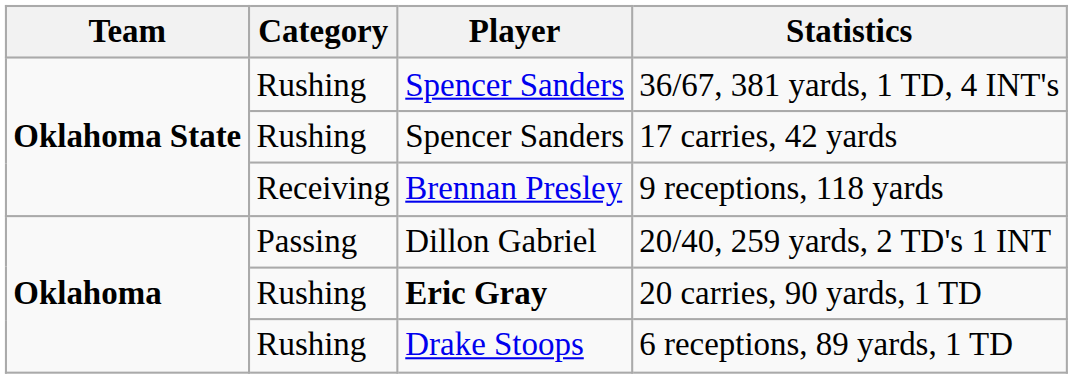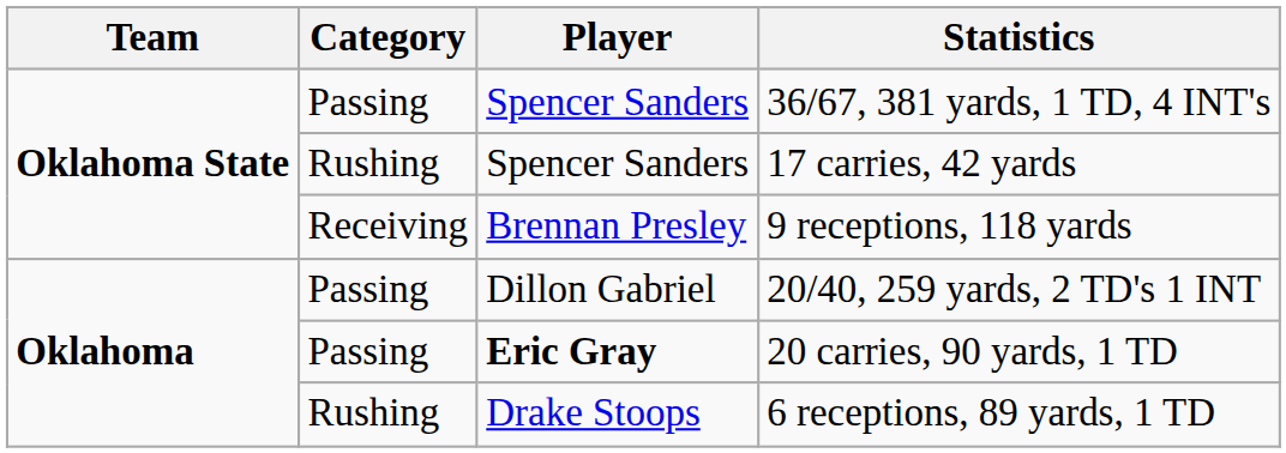 <table class="wikitable" style="float: right;">
 <tr>
 <th>Team</th>
 <th>Category</th>
 <th>Player</th>
 <th>Statistics</th>
 </tr>
 <tr>
 <td rowspan=3><strong>Oklahoma State</strong></td>
-<td>Rushing</td>
+<td>Passing</td>
 <td><a href='#'>Spencer Sanders</a></td>
 <td>36/67, 381 yards, 1 TD, 4 INT's</td>
 </tr>
 <tr>
 <td>Rushing</td>
 <td>Spencer Sanders</td>
 <td>17 carries, 42 yards</td>
 </tr>
 <tr>
 <td>Receiving</td>
 <td><a href='#'>Brennan Presley</a></td>
 <td>9 receptions, 118 yards</td>
 </tr>
 <tr>
 <td rowspan=3><strong>Oklahoma</strong></td>
 <td>Passing</td>
 <td>Dillon Gabriel</td>
 <td>20/40, 259 yards, 2 TD's 1 INT</td>
 </tr>
 <tr>
-<td>Rushing</td>
+<td>Passing</td>
 <td><strong>Eric Gray</strong></td>
 <td>20 carries, 90 yards, 1 TD</td>
 </tr>
 <tr>
 <td>Rushing</td>
 <td><a href='#'>Drake Stoops</a></td>
 <td>6 receptions, 89 yards, 1 TD</td>
 </tr>
 </table>
